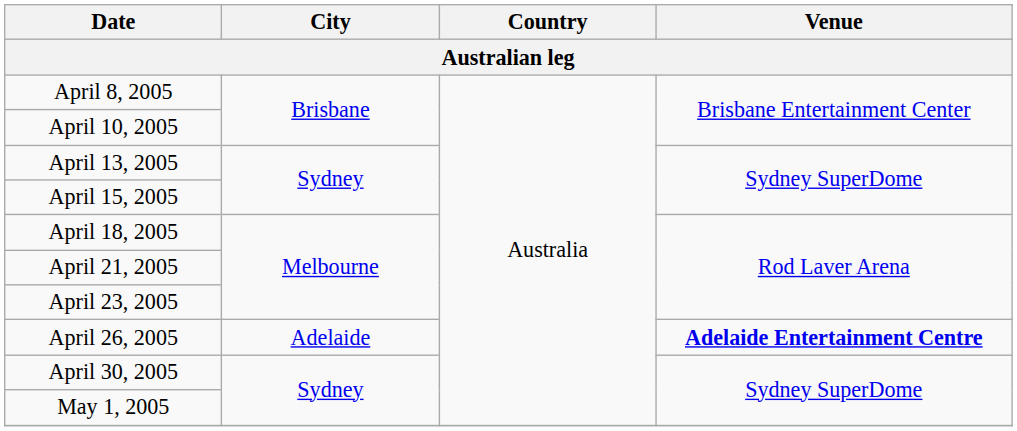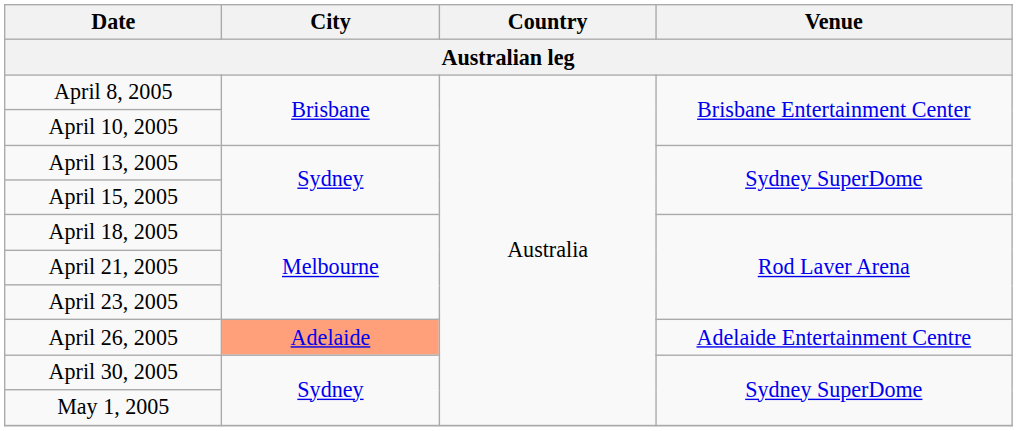 <table class="wikitable" style="text-align:center;">
 <tr>
 <th style="width:150px;">Date</th>
 <th style="width:150px;">City</th>
 <th style="width:150px;">Country</th>
 <th style="width:250px;">Venue</th>
 </tr>
 <tr>
 <th colspan="4">Australian leg </th>
 </tr>
 <tr>
 <td>April 8, 2005</td>
 <td rowspan="2"><a href='#'>Brisbane</a></td>
 <td rowspan="10">Australia</td>
 <td rowspan="2"><a href='#'>Brisbane Entertainment Center</a></td>
 </tr>
 <tr>
 <td>April 10, 2005</td>
 </tr>
 <tr>
 <td>April 13, 2005</td>
 <td rowspan="2"><a href='#'>Sydney</a></td>
 <td rowspan="2"><a href='#'>Sydney SuperDome</a></td>
 </tr>
 <tr>
 <td>April 15, 2005</td>
 </tr>
 <tr>
 <td>April 18, 2005</td>
 <td rowspan="3"><a href='#'>Melbourne</a></td>
 <td rowspan="3"><a href='#'>Rod Laver Arena</a></td>
 </tr>
 <tr>
 <td>April 21, 2005</td>
 </tr>
 <tr>
 <td>April 23, 2005</td>
 </tr>
 <tr>
 <td>April 26, 2005</td>
-<td><a href='#'>Adelaide</a></td>
-<td><strong><a href='#'>Adelaide Entertainment Centre</a></strong></td>
+<td style="background: lightsalmon;"><a href='#'>Adelaide</a></td>
+<td><a href='#'>Adelaide Entertainment Centre</a></td>
 </tr>
 <tr>
 <td>April 30, 2005</td>
 <td rowspan="2"><a href='#'>Sydney</a></td>
 <td rowspan="2"><a href='#'>Sydney SuperDome</a></td>
 </tr>
 <tr>
 <td>May 1, 2005</td>
 </tr>
 <tr>
 </tr>
 </table>
